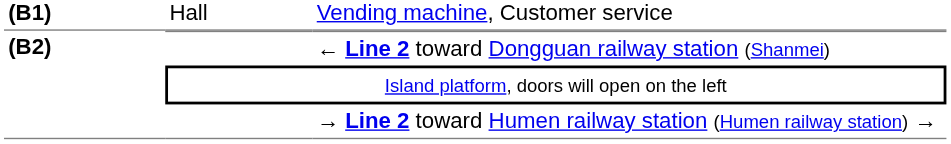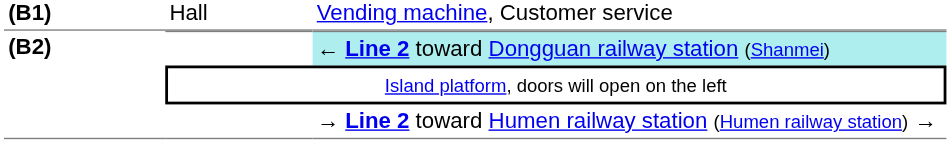 <table table border=0 cellspacing=0 cellpadding=3>
 <tr>
 <td style="border-bottom:solid 1px gray;border-top:solid 0px gray;" width=110 valign=top><strong>(B1)</strong></td>
 <td style="border-top:solid 0px gray;border-bottom:solid 1px gray;" width=100 valign=top>Hall</td>
 <td style="border-top:solid 0px gray;border-bottom:solid 1px gray;" width=390 valign=top><a href='#'>Vending machine</a>, Customer service</td>
 </tr>
 <tr>
 <td style="border-top:solid 0px gray;border-bottom:solid 1px gray;" width=110 rowspan=3 valign=top><strong>(B2)</strong></td>
 <td style="border-top:solid 1px gray;" width=100><span><strong> </strong></span></td>
-<td style="border-top:solid 1px gray;" width=450>← <a href='#'><span><strong>Line 2</strong></span></a> toward <a href='#'>Dongguan railway station</a> <small>(<a href='#'>Shanmei</a>)</small></td>
+<td style="background: paleturquoise; border-top:solid 1px gray;" width=450>← <a href='#'><span><strong>Line 2</strong></span></a> toward <a href='#'>Dongguan railway station</a> <small>(<a href='#'>Shanmei</a>)</small></td>
 </tr>
 <tr>
 <td style="border-top:solid 2px black;border-right:solid 2px black;border-left:solid 2px black;border-bottom:solid 2px black;text-align:center;" colspan=2><small><a href='#'>Island platform</a>, doors will open on the left</small></td>
 </tr>
 <tr>
 <td style="border-bottom:solid 1px gray;" width=100><span><strong> </strong></span></td>
 <td style="border-bottom:solid 1px gray;" width=390><span>→</span> <a href='#'><span><strong>Line 2</strong></span></a> toward <a href='#'>Humen railway station</a> <small>(<a href='#'>Humen railway station</a>)</small> →</td>
 </tr>
 </table>
